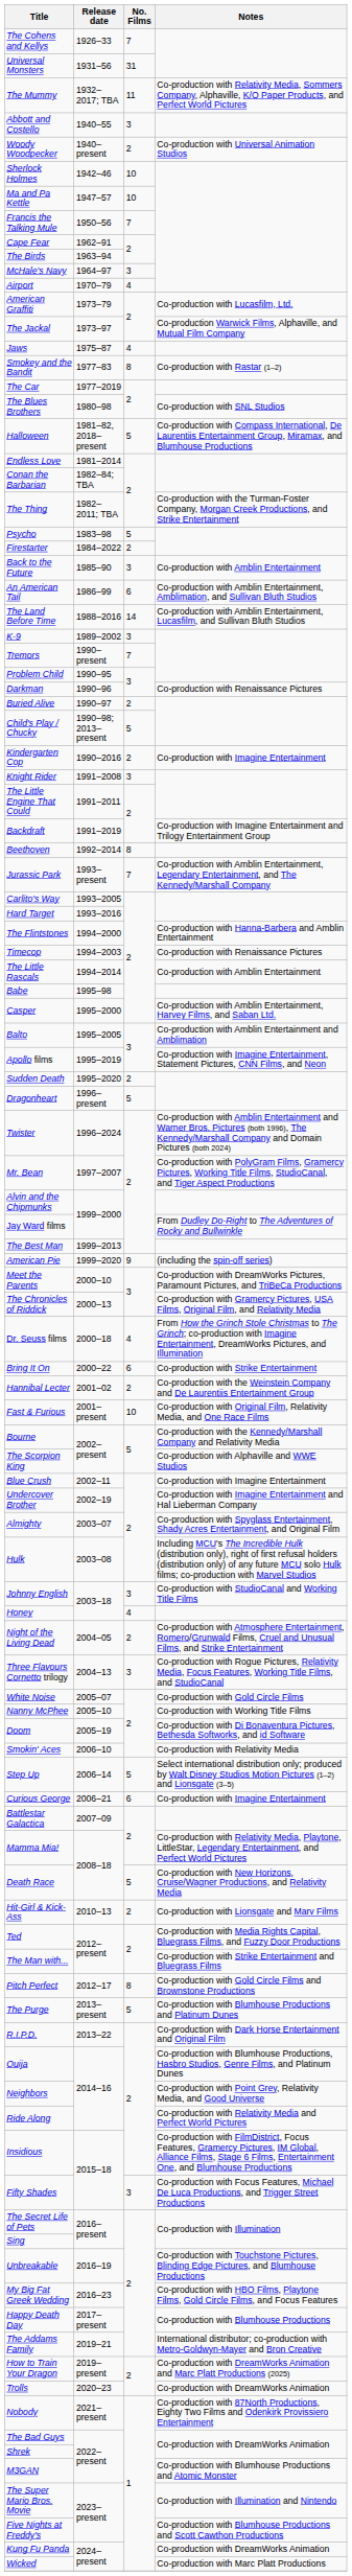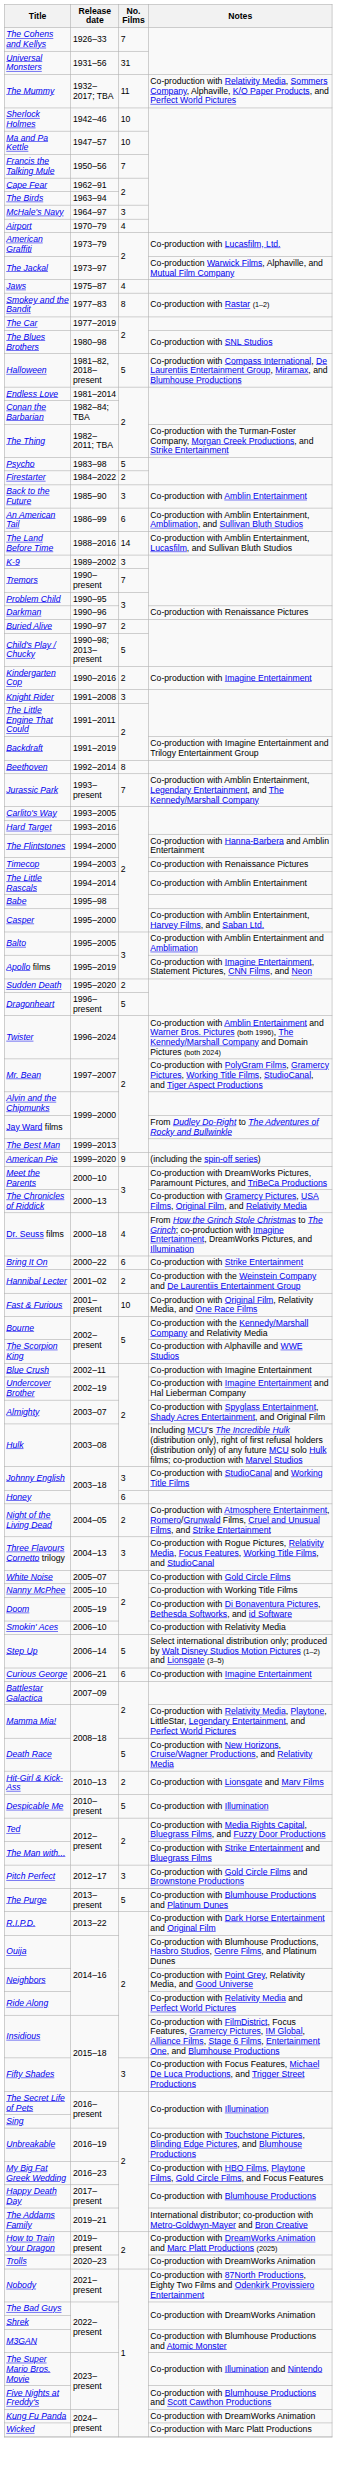 <table class="wikitable sortable">
 <tr>
 <th>Title</th>
 <th>Release date</th>
 <th>No. Films</th>
 <th>Notes</th>
 </tr>
 <tr>
 <td><em><a href='#'>The Cohens and Kellys</a></em></td>
 <td>1926–33</td>
 <td>7</td>
 </tr>
 <tr>
 <td><em><a href='#'>Universal Monsters</a></em></td>
 <td>1931–56</td>
 <td>31</td>
 </tr>
 <tr>
 <td><em><a href='#'>The Mummy</a></em></td>
 <td>1932–2017; TBA</td>
 <td>11</td>
 <td>Co-production with <a href='#'>Relativity Media</a>, <a href='#'>Sommers Company</a>, Alphaville, <a href='#'>K/O Paper Products</a>, and <a href='#'>Perfect World Pictures</a></td>
-</tr>
-<tr>
-<td><em><a href='#'>Abbott and Costello</a></em></td>
-<td>1940–55</td>
-<td>3</td>
-<td></td>
-</tr>
-<tr>
-<td><em><a href='#'>Woody Woodpecker</a></em></td>
-<td>1940–present</td>
-<td>2</td>
-<td>Co-production with <a href='#'>Universal Animation Studios</a></td>
 </tr>
 <tr>
 <td><em><a href='#'>Sherlock Holmes</a></em></td>
 <td>1942–46</td>
 <td>10</td>
 </tr>
 <tr>
 <td><em><a href='#'>Ma and Pa Kettle</a></em></td>
 <td>1947–57</td>
 <td>10</td>
 </tr>
 <tr>
 <td><em><a href='#'>Francis the Talking Mule</a></em></td>
 <td>1950–56</td>
 <td>7</td>
 </tr>
 <tr>
 <td><em><a href='#'>Cape Fear</a></em></td>
 <td>1962–91</td>
 <td rowspan=2>2</td>
 </tr>
 <tr>
 <td><em><a href='#'>The Birds</a></em></td>
 <td>1963–94</td>
 </tr>
 <tr>
 <td><em><a href='#'>McHale's Navy</a></em></td>
 <td>1964–97</td>
 <td>3</td>
 </tr>
 <tr>
 <td><em><a href='#'>Airport</a></em></td>
 <td>1970–79</td>
 <td>4</td>
 </tr>
 <tr>
 <td><em><a href='#'>American Graffiti</a></em></td>
 <td>1973–79</td>
 <td rowspan=2>2</td>
 <td>Co-production with <a href='#'>Lucasfilm, Ltd.</a></td>
 </tr>
 <tr>
 <td><em><a href='#'>The Jackal</a></em></td>
 <td>1973–97</td>
 <td>Co-production <a href='#'>Warwick Films</a>, Alphaville, and <a href='#'>Mutual Film Company</a></td>
 </tr>
 <tr>
 <td><em><a href='#'>Jaws</a></em></td>
 <td>1975–87</td>
 <td>4</td>
 </tr>
 <tr>
 <td><em><a href='#'>Smokey and the Bandit</a></em></td>
 <td>1977–83</td>
 <td>8</td>
 <td>Co-production with <a href='#'>Rastar</a> <small>(1–2)</small></td>
 </tr>
 <tr>
 <td><em><a href='#'>The Car</a></em></td>
 <td>1977–2019</td>
 <td rowspan=2>2</td>
 <td></td>
 </tr>
 <tr>
 <td><em><a href='#'>The Blues Brothers</a></em></td>
 <td>1980–98</td>
 <td>Co-production with <a href='#'>SNL Studios</a></td>
 </tr>
 <tr>
 <td><em><a href='#'>Halloween</a></em></td>
 <td>1981–82, 2018–present</td>
 <td>5</td>
 <td>Co-production with <a href='#'>Compass International</a>, <a href='#'>De Laurentiis Entertainment Group</a>, <a href='#'>Miramax</a>, and <a href='#'>Blumhouse Productions</a></td>
 </tr>
 <tr>
 <td><em><a href='#'>Endless Love</a></em></td>
 <td>1981–2014</td>
 <td rowspan=3>2</td>
 </tr>
 <tr>
 <td><em><a href='#'>Conan the Barbarian</a></em></td>
 <td>1982–84; TBA</td>
 </tr>
 <tr>
 <td><em><a href='#'>The Thing</a></em></td>
 <td>1982–2011; TBA</td>
 <td>Co-production with the Turman-Foster Company, <a href='#'>Morgan Creek Productions</a>, and <a href='#'>Strike Entertainment</a></td>
 </tr>
 <tr>
 <td><em><a href='#'>Psycho</a></em></td>
 <td>1983–98</td>
 <td>5</td>
 </tr>
 <tr>
 <td><em><a href='#'>Firestarter</a></em></td>
 <td>1984–2022</td>
 <td>2</td>
 </tr>
 <tr>
 <td><em><a href='#'>Back to the Future</a></em></td>
 <td>1985–90</td>
 <td>3</td>
 <td>Co-production with <a href='#'>Amblin Entertainment</a></td>
 </tr>
 <tr>
 <td><em><a href='#'>An American Tail</a></em></td>
 <td>1986–99</td>
 <td>6</td>
 <td>Co-production with Amblin Entertainment, <a href='#'>Amblimation</a>, and <a href='#'>Sullivan Bluth Studios</a></td>
 </tr>
 <tr>
 <td><em><a href='#'>The Land Before Time</a></em></td>
 <td>1988–2016</td>
 <td>14</td>
 <td>Co-production with Amblin Entertainment, <a href='#'>Lucasfilm</a>, and Sullivan Bluth Studios</td>
 </tr>
 <tr>
 <td><em><a href='#'>K-9</a></em></td>
 <td>1989–2002</td>
 <td>3</td>
 </tr>
 <tr>
 <td><em><a href='#'>Tremors</a></em></td>
 <td>1990–present</td>
 <td>7</td>
 </tr>
 <tr>
 <td><em><a href='#'>Problem Child</a></em></td>
 <td>1990–95</td>
 <td rowspan=2>3</td>
 </tr>
 <tr>
 <td><em><a href='#'>Darkman</a></em></td>
 <td>1990–96</td>
 <td>Co-production with Renaissance Pictures</td>
 </tr>
 <tr>
 <td><em><a href='#'>Buried Alive</a></em></td>
 <td>1990–97</td>
 <td>2</td>
 </tr>
 <tr>
 <td><em><a href='#'>Child's Play / Chucky</a></em></td>
 <td>1990–98; 2013–present</td>
 <td>5</td>
 </tr>
 <tr>
 <td><em><a href='#'>Kindergarten Cop</a></em></td>
 <td>1990–2016</td>
 <td>2</td>
 <td>Co-production with <a href='#'>Imagine Entertainment</a></td>
 </tr>
 <tr>
 <td><em><a href='#'>Knight Rider</a></em></td>
 <td>1991–2008</td>
 <td>3</td>
 </tr>
 <tr>
 <td><em><a href='#'>The Little Engine That Could</a></em></td>
 <td>1991–2011</td>
 <td rowspan=2>2</td>
 </tr>
 <tr>
 <td><em><a href='#'>Backdraft</a></em></td>
 <td>1991–2019</td>
 <td>Co-production with Imagine Entertainment and Trilogy Entertainment Group</td>
 </tr>
 <tr>
 <td><em><a href='#'>Beethoven</a></em></td>
 <td>1992–2014</td>
 <td>8</td>
 </tr>
 <tr>
 <td><em><a href='#'>Jurassic Park</a></em></td>
 <td>1993–present</td>
 <td>7</td>
 <td>Co-production with Amblin Entertainment, <a href='#'>Legendary Entertainment</a>, and <a href='#'>The Kennedy/Marshall Company</a></td>
 </tr>
 <tr>
 <td><em><a href='#'>Carlito's Way</a></em></td>
 <td>1993–2005</td>
 <td rowspan="7">2</td>
 </tr>
 <tr>
 <td><em><a href='#'>Hard Target</a></em></td>
 <td>1993–2016</td>
 </tr>
 <tr>
 <td><em><a href='#'>The Flintstones</a></em></td>
 <td>1994–2000</td>
 <td>Co-production with <a href='#'>Hanna-Barbera</a> and Amblin Entertainment</td>
 </tr>
 <tr>
 <td><em><a href='#'>Timecop</a></em></td>
 <td>1994–2003</td>
 <td>Co-production with Renaissance Pictures</td>
 </tr>
 <tr>
 <td><em><a href='#'>The Little Rascals</a></em></td>
 <td>1994–2014</td>
 <td>Co-production with Amblin Entertainment</td>
 </tr>
 <tr>
 <td><em><a href='#'>Babe</a></em></td>
 <td>1995–98</td>
 </tr>
 <tr>
 <td><em><a href='#'>Casper</a></em></td>
 <td>1995–2000</td>
 <td>Co-production with Amblin Entertainment, <a href='#'>Harvey Films</a>, and <a href='#'>Saban Ltd.</a></td>
 </tr>
 <tr>
 <td><em><a href='#'>Balto</a></em></td>
 <td>1995–2005</td>
 <td rowspan=2>3</td>
 <td>Co-production with Amblin Entertainment and <a href='#'>Amblimation</a></td>
 </tr>
 <tr>
 <td><em><a href='#'>Apollo</a></em> films</td>
 <td>1995–2019</td>
 <td>Co-production with <a href='#'>Imagine Entertainment</a>, Statement Pictures, <a href='#'>CNN Films</a>, and <a href='#'>Neon</a></td>
 </tr>
 <tr>
 <td><em><a href='#'>Sudden Death</a></em></td>
 <td>1995–2020</td>
 <td>2</td>
 </tr>
 <tr>
 <td><em><a href='#'>Dragonheart</a></em></td>
 <td>1996–present</td>
 <td>5</td>
 </tr>
 <tr>
 <td><em><a href='#'>Twister</a></em></td>
 <td>1996–2024</td>
 <td rowspan=5>2</td>
 <td>Co-production with <a href='#'>Amblin Entertainment</a> and <a href='#'>Warner Bros. Pictures</a> <small>(both 1996)</small>, <a href='#'>The Kennedy/Marshall Company</a> and Domain Pictures <small>(both 2024)</small></td>
 </tr>
 <tr>
 <td><em><a href='#'>Mr. Bean</a></em></td>
 <td>1997–2007</td>
 <td>Co-production with <a href='#'>PolyGram Films</a>, <a href='#'>Gramercy Pictures</a>, <a href='#'>Working Title Films</a>, <a href='#'>StudioCanal</a>, and <a href='#'>Tiger Aspect Productions</a></td>
 </tr>
 <tr>
 <td><em><a href='#'>Alvin and the Chipmunks</a></em></td>
 <td rowspan=2>1999–2000</td>
 </tr>
 <tr>
 <td><a href='#'>Jay Ward</a> films</td>
 <td>From <em><a href='#'>Dudley Do-Right</a></em> to <em><a href='#'>The Adventures of Rocky and Bullwinkle</a></em></td>
 </tr>
 <tr>
 <td><em><a href='#'>The Best Man</a></em></td>
 <td>1999–2013</td>
 </tr>
 <tr>
 <td><em><a href='#'>American Pie</a></em></td>
 <td>1999–2020</td>
 <td>9</td>
 <td>(including the <a href='#'>spin-off series</a>)</td>
 </tr>
 <tr>
 <td><em><a href='#'>Meet the Parents</a></em></td>
 <td>2000–10</td>
 <td rowspan=2>3</td>
 <td>Co-production with DreamWorks Pictures, Paramount Pictures, and <a href='#'>TriBeCa Productions</a></td>
 </tr>
 <tr>
 <td><em><a href='#'>The Chronicles of Riddick</a></em></td>
 <td>2000–13</td>
 <td>Co-production with <a href='#'>Gramercy Pictures</a>, <a href='#'>USA Films</a>, <a href='#'>Original Film</a>, and <a href='#'>Relativity Media</a></td>
 </tr>
 <tr>
 <td><a href='#'>Dr. Seuss</a> films</td>
 <td>2000–18</td>
 <td>4</td>
 <td>From <em><a href='#'>How the Grinch Stole Christmas</a></em> to <em><a href='#'>The Grinch</a></em>; co-production with <a href='#'>Imagine Entertainment</a>, DreamWorks Pictures, and <a href='#'>Illumination</a></td>
 </tr>
 <tr>
 <td><em><a href='#'>Bring It On</a></em></td>
 <td>2000–22</td>
 <td>6</td>
 <td>Co-production with <a href='#'>Strike Entertainment</a></td>
 </tr>
 <tr>
 <td><em><a href='#'>Hannibal Lecter</a></em></td>
 <td>2001–02</td>
 <td>2</td>
 <td>Co-production with the <a href='#'>Weinstein Company</a> and <a href='#'>De Laurentiis Entertainment Group</a></td>
 </tr>
 <tr>
 <td><em><a href='#'>Fast & Furious</a></em></td>
 <td>2001–present</td>
 <td>10</td>
 <td>Co-production with <a href='#'>Original Film</a>, Relativity Media, and <a href='#'>One Race Films</a></td>
 </tr>
 <tr>
 <td><em><a href='#'>Bourne</a></em></td>
 <td rowspan="2">2002–present</td>
 <td rowspan="2">5</td>
 <td>Co-production with the <a href='#'>Kennedy/Marshall Company</a> and Relativity Media</td>
 </tr>
 <tr>
 <td><em><a href='#'>The Scorpion King</a></em></td>
 <td>Co-production with Alphaville and <a href='#'>WWE Studios</a></td>
 </tr>
 <tr>
 <td><em><a href='#'>Blue Crush</a></em></td>
 <td>2002–11</td>
 <td rowspan="4">2</td>
 <td>Co-production with Imagine Entertainment</td>
 </tr>
 <tr>
 <td><em><a href='#'>Undercover Brother</a></em></td>
 <td>2002–19</td>
 <td>Co-production with <a href='#'>Imagine Entertainment</a> and Hal Lieberman Company</td>
 </tr>
 <tr>
 <td><em><a href='#'>Almighty</a></em></td>
 <td>2003–07</td>
 <td>Co-production with <a href='#'>Spyglass Entertainment</a>, <a href='#'>Shady Acres Entertainment</a>, and Original Film</td>
 </tr>
 <tr>
 <td><em><a href='#'>Hulk</a></em></td>
 <td>2003–08</td>
 <td>Including <a href='#'>MCU</a>'s <em><a href='#'>The Incredible Hulk</a></em> (distribution only), right of first refusal holders (distribution only) of any future <a href='#'>MCU</a> solo <a href='#'>Hulk</a> films; co-production with <a href='#'>Marvel Studios</a></td>
 </tr>
 <tr>
 <td><em><a href='#'>Johnny English</a></em></td>
 <td rowspan=2>2003–18</td>
 <td>3</td>
 <td>Co-production with <a href='#'>StudioCanal</a> and <a href='#'>Working Title Films</a></td>
 </tr>
 <tr>
 <td><em><a href='#'>Honey</a></em></td>
-<td>4</td>
+<td>6</td>
 </tr>
 <tr>
 <td><em><a href='#'>Night of the Living Dead</a></em></td>
 <td>2004–05</td>
 <td>2</td>
 <td>Co-production with <a href='#'>Atmosphere Entertainment</a>, <a href='#'>Romero</a>/<a href='#'>Grunwald</a> Films, <a href='#'>Cruel and Unusual Films</a>, and <a href='#'>Strike Entertainment</a></td>
 </tr>
 <tr>
 <td><em><a href='#'>Three Flavours Cornetto</a></em> trilogy</td>
 <td>2004–13</td>
 <td>3</td>
 <td>Co-production with Rogue Pictures, <a href='#'>Relativity Media</a>, <a href='#'>Focus Features</a>, <a href='#'>Working Title Films</a>, and <a href='#'>StudioCanal</a></td>
 </tr>
 <tr>
 <td><em><a href='#'>White Noise</a></em></td>
 <td>2005–07</td>
 <td rowspan=4>2</td>
 <td>Co-production with <a href='#'>Gold Circle Films</a></td>
 </tr>
 <tr>
 <td><em><a href='#'>Nanny McPhee</a></em></td>
 <td>2005–10</td>
 <td>Co-production with Working Title Films</td>
 </tr>
 <tr>
 <td><em><a href='#'>Doom</a></em></td>
 <td>2005–19</td>
 <td>Co-production with <a href='#'>Di Bonaventura Pictures</a>, <a href='#'>Bethesda Softworks</a>, and <a href='#'>id Software</a></td>
 </tr>
 <tr>
 <td><em><a href='#'>Smokin' Aces</a></em></td>
 <td>2006–10</td>
 <td>Co-production with Relativity Media</td>
 </tr>
 <tr>
 <td><em><a href='#'>Step Up</a></em></td>
 <td>2006–14</td>
 <td>5</td>
 <td>Select international distribution only; produced by <a href='#'>Walt Disney Studios Motion Pictures</a> <small>(1–2)</small> and <a href='#'>Lionsgate</a> <small>(3–5)</small></td>
 </tr>
 <tr>
 <td><em><a href='#'>Curious George</a></em></td>
 <td>2006–21</td>
 <td>6</td>
 <td>Co-production with <a href='#'>Imagine Entertainment</a></td>
 </tr>
 <tr>
 <td><em><a href='#'>Battlestar Galactica</a></em></td>
 <td>2007–09</td>
 <td rowspan=2>2</td>
 </tr>
 <tr>
 <td><em><a href='#'>Mamma Mia!</a></em></td>
 <td rowspan="2">2008–18</td>
 <td>Co-production with <a href='#'>Relativity Media</a>, <a href='#'>Playtone</a>, LittleStar, <a href='#'>Legendary Entertainment</a>, and <a href='#'>Perfect World Pictures</a></td>
 </tr>
 <tr>
 <td><em><a href='#'>Death Race</a></em></td>
 <td>5</td>
 <td>Co-production with <a href='#'>New Horizons</a>, <a href='#'>Cruise/Wagner Productions</a>, and <a href='#'>Relativity Media</a></td>
 </tr>
 <tr>
 <td><em><a href='#'>Hit-Girl & Kick-Ass</a></em></td>
 <td>2010–13</td>
 <td>2</td>
 <td>Co-production with <a href='#'>Lionsgate</a> and <a href='#'>Marv Films</a></td>
 </tr>
 <tr>
+<td><em><a href='#'>Despicable Me</a></em></td>
+<td>2010–present</td>
+<td>5</td>
+<td>Co-production with <a href='#'>Illumination</a></td>
+</tr>
+<tr>
 <td><em><a href='#'>Ted</a></em></td>
 <td rowspan="2">2012–present</td>
 <td rowspan="2">2</td>
 <td>Co-production with <a href='#'>Media Rights Capital</a>, <a href='#'>Bluegrass Films</a>, and <a href='#'>Fuzzy Door Productions</a></td>
 </tr>
 <tr>
 <td><em><a href='#'>The Man with...</a></em></td>
 <td>Co-production with <a href='#'>Strike Entertainment</a> and <a href='#'>Bluegrass Films</a></td>
 </tr>
 <tr>
 <td><em><a href='#'>Pitch Perfect</a></em></td>
 <td>2012–17</td>
-<td>8</td>
+<td>3</td>
 <td>Co-production with <a href='#'>Gold Circle Films</a> and <a href='#'>Brownstone Productions</a></td>
 </tr>
 <tr>
 <td><em><a href='#'>The Purge</a></em></td>
 <td>2013–present</td>
 <td>5</td>
 <td>Co-production with <a href='#'>Blumhouse Productions</a> and <a href='#'>Platinum Dunes</a></td>
 </tr>
 <tr>
 <td><em><a href='#'>R.I.P.D.</a></em></td>
 <td>2013–22</td>
 <td rowspan=5>2</td>
 <td>Co-production with <a href='#'>Dark Horse Entertainment</a> and <a href='#'>Original Film</a></td>
 </tr>
 <tr>
 <td><em><a href='#'>Ouija</a></em></td>
 <td rowspan=3>2014–16</td>
 <td>Co-production with Blumhouse Productions, <a href='#'>Hasbro Studios</a>, <a href='#'>Genre Films</a>, and Platinum Dunes</td>
 </tr>
 <tr>
 <td><em><a href='#'>Neighbors</a></em></td>
 <td>Co-production with <a href='#'>Point Grey</a>, Relativity Media, and <a href='#'>Good Universe</a></td>
 </tr>
 <tr>
 <td><em><a href='#'>Ride Along</a></em></td>
 <td>Co-production with <a href='#'>Relativity Media</a> and <a href='#'>Perfect World Pictures</a></td>
 </tr>
 <tr>
 <td><em><a href='#'>Insidious</a></em></td>
 <td rowspan=2>2015–18</td>
 <td>Co-production with <a href='#'>FilmDistrict</a>, Focus Features, <a href='#'>Gramercy Pictures</a>, <a href='#'>IM Global</a>, <a href='#'>Alliance Films</a>, <a href='#'>Stage 6 Films</a>, <a href='#'>Entertainment One</a>, and <a href='#'>Blumhouse Productions</a></td>
 </tr>
 <tr>
 <td><em><a href='#'>Fifty Shades</a></em></td>
 <td>3</td>
 <td>Co-production with Focus Features, <a href='#'>Michael De Luca Productions</a>, and <a href='#'>Trigger Street Productions</a></td>
 </tr>
 <tr>
 <td><em><a href='#'>The Secret Life of Pets</a></em></td>
 <td rowspan=2>2016–present</td>
 <td rowspan=6>2</td>
 <td rowspan=2>Co-production with <a href='#'>Illumination</a></td>
 </tr>
 <tr>
 <td><em><a href='#'>Sing</a></em></td>
 </tr>
 <tr>
 <td><em><a href='#'>Unbreakable</a></em></td>
 <td>2016–19</td>
 <td>Co-production with <a href='#'>Touchstone Pictures</a>, <a href='#'>Blinding Edge Pictures</a>, and <a href='#'>Blumhouse Productions</a></td>
 </tr>
 <tr>
 <td><em><a href='#'>My Big Fat Greek Wedding</a></em></td>
 <td>2016–23</td>
 <td>Co-production with <a href='#'>HBO Films</a>, <a href='#'>Playtone Films</a>, <a href='#'>Gold Circle Films</a>, and Focus Features</td>
 </tr>
 <tr>
 <td><em><a href='#'>Happy Death Day</a></em></td>
 <td>2017–present</td>
 <td>Co-production with <a href='#'>Blumhouse Productions</a></td>
 </tr>
 <tr>
 <td><em><a href='#'>The Addams Family</a></em></td>
 <td>2019–21</td>
 <td>International distributor; co-production with <a href='#'>Metro-Goldwyn-Mayer</a> and <a href='#'>Bron Creative</a></td>
 </tr>
 <tr>
 <td><em><a href='#'>How to Train Your Dragon</a></em></td>
 <td>2019–present</td>
 <td rowspan=2>2</td>
 <td>Co-production with <a href='#'>DreamWorks Animation</a> and <a href='#'>Marc Platt Productions</a> <small>(2025)</small></td>
 </tr>
 <tr>
 <td><em><a href='#'>Trolls</a></em></td>
 <td>2020–23</td>
 <td>Co-production with DreamWorks Animation</td>
 </tr>
 <tr>
 <td><em><a href='#'>Nobody</a></em></td>
 <td>2021–present</td>
 <td rowspan=8>1</td>
 <td>Co-production with <a href='#'>87North Productions</a>, Eighty Two Films and <a href='#'>Odenkirk Provissiero Entertainment</a></td>
 </tr>
 <tr>
 <td><em><a href='#'>The Bad Guys</a></em></td>
 <td rowspan=3>2022–present</td>
 <td rowspan=2>Co-production with DreamWorks Animation</td>
 </tr>
 <tr>
 <td><em><a href='#'>Shrek</a></em></td>
 </tr>
 <tr>
 <td><em><a href='#'>M3GAN</a></em></td>
 <td>Co-production with Blumhouse Productions and <a href='#'>Atomic Monster</a></td>
 </tr>
 <tr>
 <td><em><a href='#'>The Super Mario Bros. Movie</a></em></td>
 <td rowspan=2>2023–present</td>
 <td>Co-production with <a href='#'>Illumination</a> and <a href='#'>Nintendo</a></td>
 </tr>
 <tr>
 <td><em><a href='#'>Five Nights at Freddy's</a></em></td>
 <td>Co-production with <a href='#'>Blumhouse Productions</a> and <a href='#'>Scott Cawthon Productions</a></td>
 </tr>
 <tr>
 <td><em><a href='#'>Kung Fu Panda</a></em></td>
 <td rowspan=2>2024–present</td>
 <td>Co-production with DreamWorks Animation</td>
 </tr>
 <tr>
 <td><em><a href='#'>Wicked</a></em></td>
 <td>Co-production with Marc Platt Productions</td>
 </tr>
 <tr>
 </tr>
 </table>
